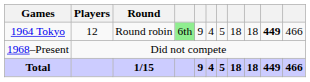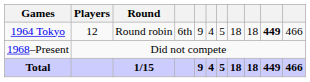 <table class="wikitable sortable collapsible collapsed">
 <tr>
 <th>Games</th>
 <th>Players</th>
 <th>Round</th>
 <th></th>
 <th></th>
 <th></th>
 <th></th>
 <th></th>
 <th></th>
 <th></th>
 <th></th>
 </tr>
 <tr align=center>
 <td><a href='#'>1964 Tokyo</a></td>
 <td>12</td>
 <td>Round robin</td>
-<td style="background: lightgreen;">6th</td>
+<td>6th</td>
 <td>9</td>
 <td>4</td>
 <td>5</td>
 <td>18</td>
 <td>18</td>
 <td><strong>449</strong></td>
 <td>466</td>
 </tr>
 <tr align=center>
 <td><a href='#'>1968</a>–Present</td>
 <td colspan=11>Did not compete</td>
 </tr>
 <tr style="text-align:center; background-color:#ccf;">
 <td><strong>Total</strong></td>
 <td></td>
 <td><strong>1/15</strong></td>
 <td></td>
 <td><strong>9</strong></td>
 <td><strong>4</strong></td>
 <td><strong>5</strong></td>
 <td><strong>18</strong></td>
 <td><strong>18</strong></td>
 <td><strong>449</strong></td>
 <td><strong>466</strong></td>
 </tr>
 </table>
